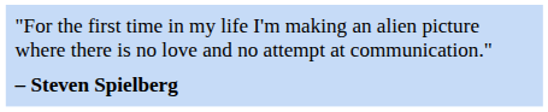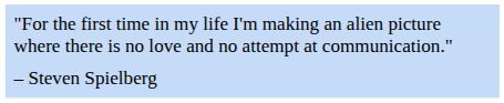 <table class="toccolours" style="float: right; margin-left: 1em; margin-right: 2em; font-size: 85%; background:#c6dbf7; color:black; width:28em; max-width: 40%;" cellspacing="5">
 <tr>
 <td style="text-align: left;">"For the first time in my life I'm making an alien picture where there is no love and no attempt at communication."</td>
 </tr>
 <tr>
-<td style="text-align: left;"><strong>– Steven Spielberg</strong></td>
+<td style="text-align: left;">– Steven Spielberg</td>
 </tr>
 </table>
